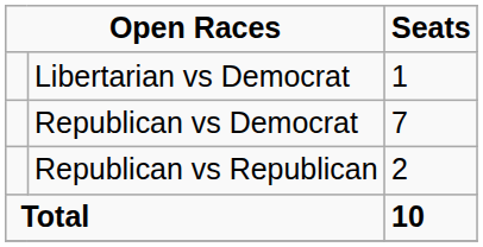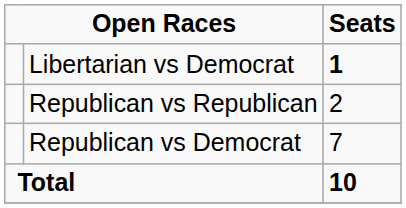 <table class="wikitable">
 <tr>
 <td colspan="2" rowspan="1" align="center"><strong>Open Races</strong></td>
 <td valign="top"><strong>Seats</strong><br></td>
 </tr>
 <tr>
 <td style="background-color:"> </td>
 <td>Libertarian vs Democrat</td>
-<td>1</td>
+<td><strong>1</strong></td>
+</tr>
+<tr>
+<td style="background-color:"> </td>
+<td>Republican vs Republican</td>
+<td>2</td>
 </tr>
 <tr>
 <td style="background-color:"> </td>
 <td>Republican vs Democrat</td>
 <td>7</td>
-</tr>
-<tr>
-<td style="background-color:"> </td>
-<td>Republican vs Republican</td>
-<td>2</td>
 </tr>
 <tr>
 <td colspan="2" rowspan="1"> <strong>Total</strong><br></td>
 <td><strong>10</strong></td>
 </tr>
 <tr>
 </tr>
 </table>
